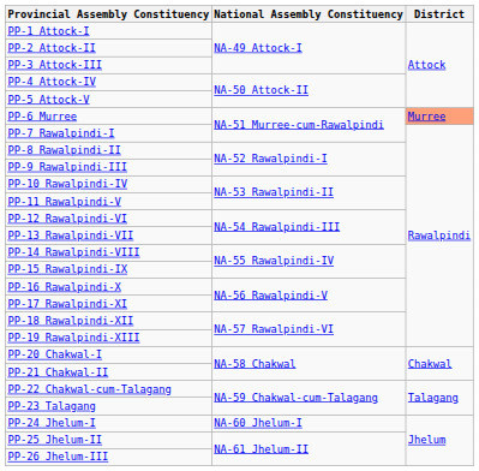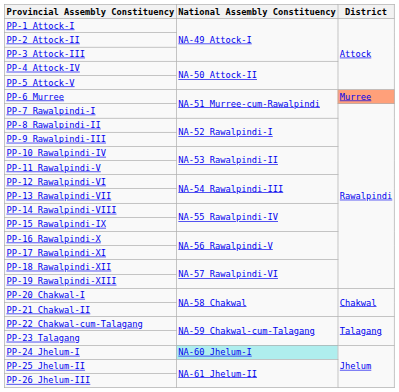 <table class="wikitable sortable static-row-numbers static-row-header-hash">
 <tr>
 <th>Provincial Assembly Constituency</th>
 <th>National Assembly Constituency</th>
 <th>District</th>
 </tr>
 <tr>
 <td><a href='#'>PP-1 Attock-I</a></td>
 <td rowspan="3"><a href='#'>NA-49 Attock-I</a></td>
 <td rowspan="5"><a href='#'>Attock</a></td>
 </tr>
 <tr>
 <td><a href='#'>PP-2 Attock-II</a></td>
 </tr>
 <tr>
 <td><a href='#'>PP-3 Attock-III</a></td>
 </tr>
 <tr>
 <td><a href='#'>PP-4 Attock-IV</a></td>
 <td rowspan="2"><a href='#'>NA-50 Attock-II</a></td>
 </tr>
 <tr>
 <td><a href='#'>PP-5 Attock-V</a></td>
 </tr>
 <tr>
 <td><a href='#'>PP-6 Murree</a></td>
 <td rowspan="2"><a href='#'>NA-51 Murree-cum-Rawalpindi</a></td>
 <td style="background: lightsalmon;"><a href='#'>Murree</a></td>
 </tr>
 <tr>
 <td><a href='#'>PP-7 Rawalpindi-I</a></td>
 <td rowspan="13"><a href='#'>Rawalpindi</a></td>
 </tr>
 <tr>
 <td><a href='#'>PP-8 Rawalpindi-II</a></td>
 <td rowspan="2"><a href='#'>NA-52 Rawalpindi-I</a></td>
 </tr>
 <tr>
 <td><a href='#'>PP-9 Rawalpindi-III</a></td>
 </tr>
 <tr>
 <td><a href='#'>PP-10 Rawalpindi-IV</a></td>
 <td rowspan="2"><a href='#'>NA-53 Rawalpindi-II</a></td>
 </tr>
 <tr>
 <td><a href='#'>PP-11 Rawalpindi-V</a></td>
 </tr>
 <tr>
 <td><a href='#'>PP-12 Rawalpindi-VI</a></td>
 <td rowspan="2"><a href='#'>NA-54 Rawalpindi-III</a></td>
 </tr>
 <tr>
 <td><a href='#'>PP-13 Rawalpindi-VII</a></td>
 </tr>
 <tr>
 <td><a href='#'>PP-14 Rawalpindi-VIII</a></td>
 <td rowspan="2"><a href='#'>NA-55 Rawalpindi-IV</a></td>
 </tr>
 <tr>
 <td><a href='#'>PP-15 Rawalpindi-IX</a></td>
 </tr>
 <tr>
 <td><a href='#'>PP-16 Rawalpindi-X</a></td>
 <td rowspan="2"><a href='#'>NA-56 Rawalpindi-V</a></td>
 </tr>
 <tr>
 <td><a href='#'>PP-17 Rawalpindi-XI</a></td>
 </tr>
 <tr>
 <td><a href='#'>PP-18 Rawalpindi-XII</a></td>
 <td rowspan="2"><a href='#'>NA-57 Rawalpindi-VI</a></td>
 </tr>
 <tr>
 <td><a href='#'>PP-19 Rawalpindi-XIII</a></td>
 </tr>
 <tr>
 <td><a href='#'>PP-20 Chakwal-I</a></td>
 <td rowspan="2"><a href='#'>NA-58 Chakwal</a></td>
 <td rowspan="2"><a href='#'>Chakwal</a></td>
 </tr>
 <tr>
 <td><a href='#'>PP-21 Chakwal-II</a></td>
 </tr>
 <tr>
 <td><a href='#'>PP-22 Chakwal-cum-Talagang</a></td>
 <td rowspan="2"><a href='#'>NA-59 Chakwal-cum-Talagang</a></td>
 <td rowspan="2"><a href='#'>Talagang</a></td>
 </tr>
 <tr>
 <td><a href='#'>PP-23 Talagang</a></td>
 </tr>
 <tr>
 <td><a href='#'>PP-24 Jhelum-I</a></td>
-<td><a href='#'>NA-60 Jhelum-I</a></td>
+<td style="background: paleturquoise;"><a href='#'>NA-60 Jhelum-I</a></td>
 <td rowspan="3"><a href='#'>Jhelum</a></td>
 </tr>
 <tr>
 <td><a href='#'>PP-25 Jhelum-II</a></td>
 <td rowspan="2"><a href='#'>NA-61 Jhelum-II</a></td>
 </tr>
 <tr>
 <td><a href='#'>PP-26 Jhelum-III</a></td>
 </tr>
 </table>
